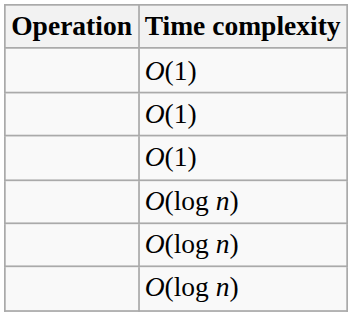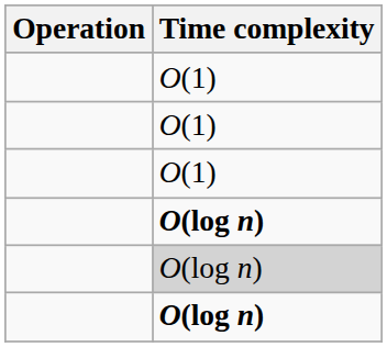 <table class="wikitable sortable">
 <tr>
 <th>Operation</th>
 <th>Time complexity</th>
 </tr>
 <tr>
 <td></td>
 <td><em>O</em>(1)</td>
 </tr>
 <tr>
 <td></td>
 <td><em>O</em>(1)</td>
 </tr>
 <tr>
 <td></td>
 <td><em>O</em>(1)</td>
 </tr>
 <tr>
 <td></td>
-<td><em>O</em>(log <em>n</em>)</td>
+<td><strong><em>O</em>(log <em>n</em>)</strong></td>
 </tr>
 <tr>
 <td></td>
-<td><em>O</em>(log <em>n</em>)</td>
+<td style="background: lightgrey;"><em>O</em>(log <em>n</em>)</td>
 </tr>
 <tr>
 <td></td>
-<td><em>O</em>(log <em>n</em>)</td>
+<td><strong><em>O</em>(log <em>n</em>)</strong></td>
 </tr>
 </table>
